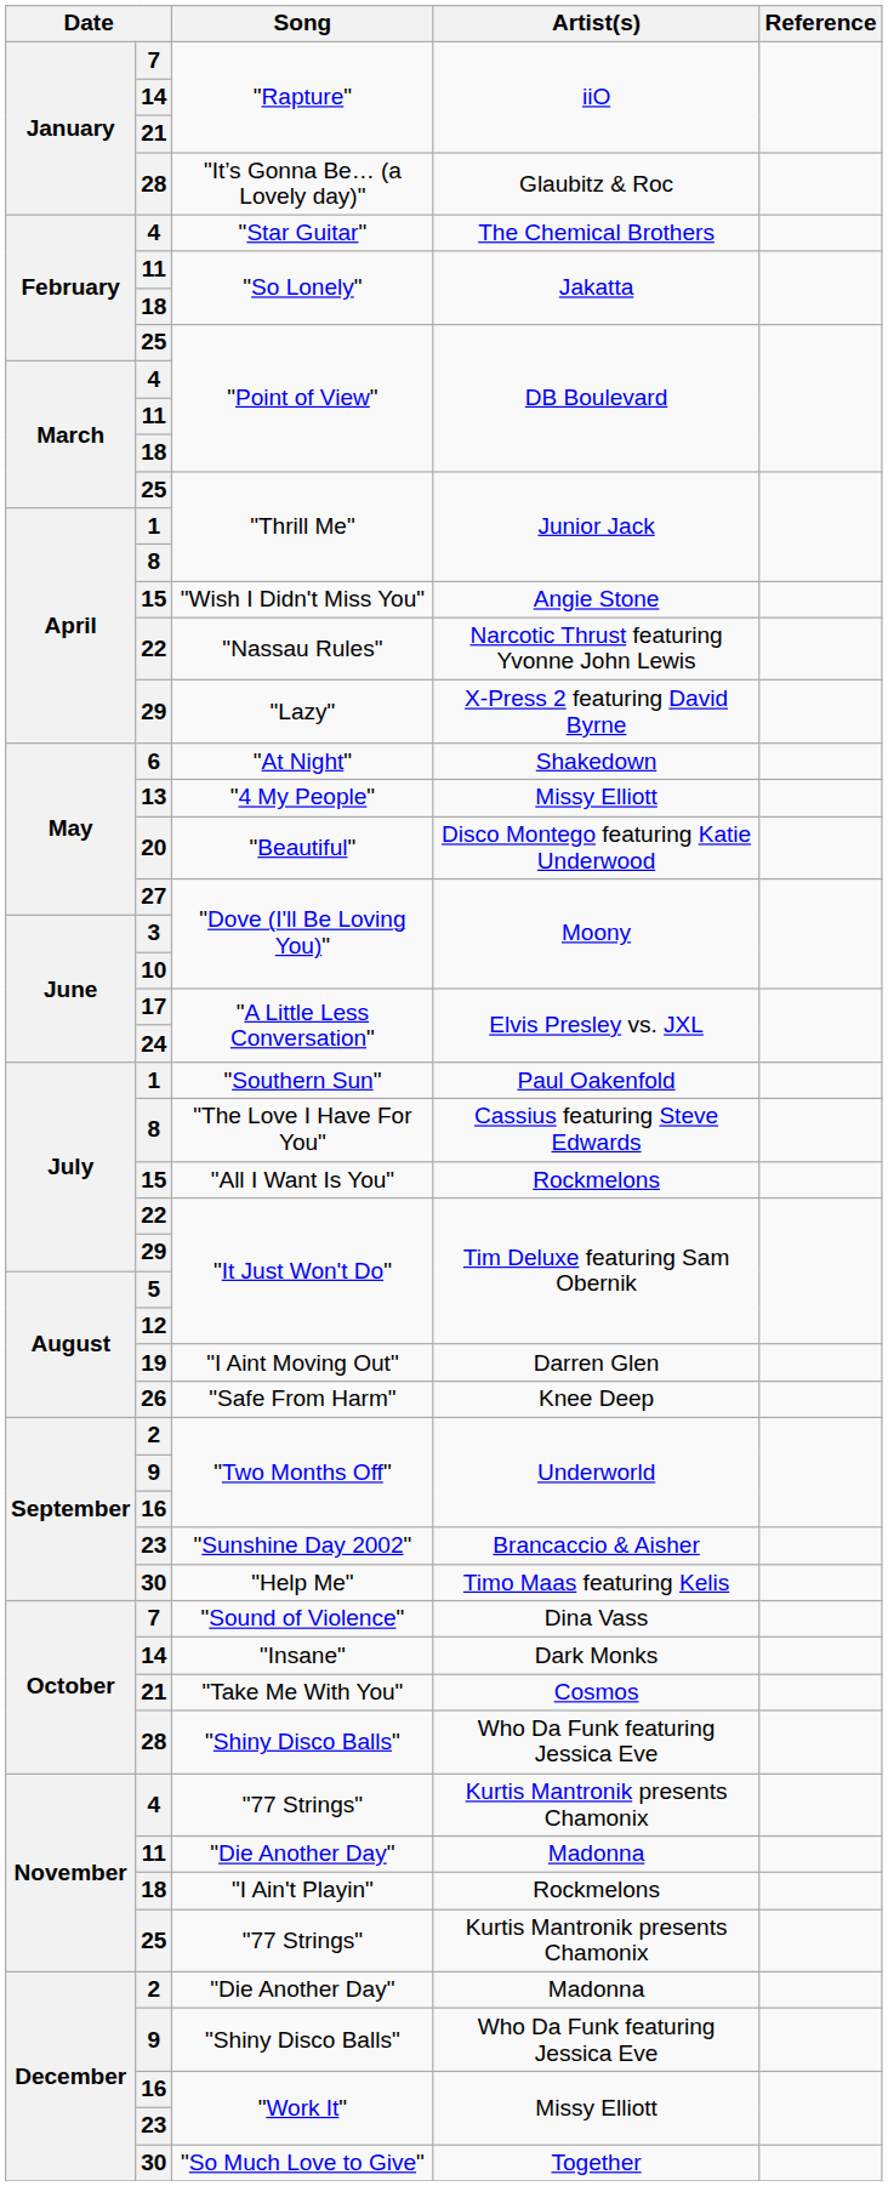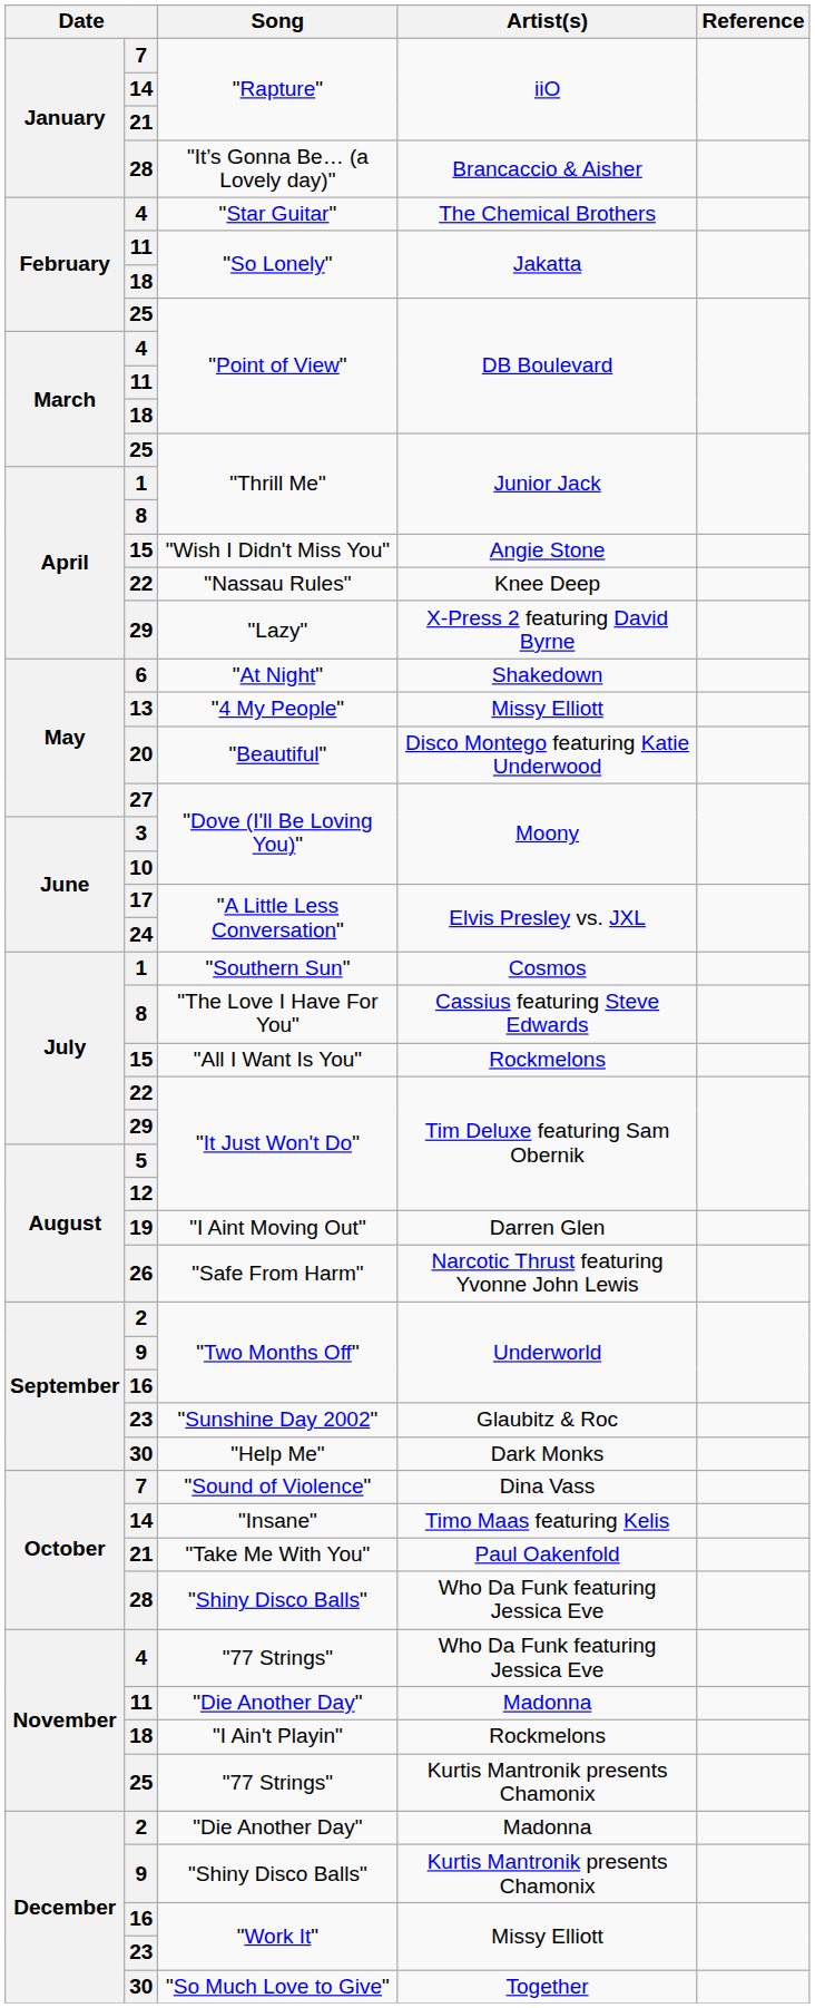 <table class="wikitable">
 <tr>
 <th colspan="2">Date</th>
 <th>Song</th>
 <th>Artist(s)</th>
 <th>Reference</th>
 </tr>
 <tr>
 <th rowspan="4">January</th>
 <th>7</th>
 <td rowspan="3" style="text-align:center;">"<a href='#'>Rapture</a>"</td>
 <td rowspan="3" style="text-align:center;"><a href='#'>iiO</a></td>
 <td rowspan="3" style="text-align:center;"></td>
 </tr>
 <tr>
 <th>14</th>
 </tr>
 <tr>
 <th>21</th>
 </tr>
 <tr>
 <th>28</th>
 <td style="text-align:center;">"It’s Gonna Be… (a Lovely day)"</td>
-<td style="text-align:center;">Glaubitz & Roc</td>
+<td style="text-align:center;"><a href='#'>Brancaccio & Aisher</a></td>
 <td style="text-align:center;"></td>
 </tr>
 <tr>
 <th rowspan="4">February</th>
 <th>4</th>
 <td style="text-align:center;">"<a href='#'>Star Guitar</a>"</td>
 <td style="text-align:center;"><a href='#'>The Chemical Brothers</a></td>
 <td style="text-align:center;"></td>
 </tr>
 <tr>
 <th>11</th>
 <td rowspan="2" style="text-align:center;">"<a href='#'>So Lonely</a>"</td>
 <td rowspan="2" style="text-align:center;"><a href='#'>Jakatta</a></td>
 <td rowspan="2" style="text-align:center;"></td>
 </tr>
 <tr>
 <th>18</th>
 </tr>
 <tr>
 <th>25</th>
 <td rowspan="4" style="text-align:center;">"<a href='#'>Point of View</a>"</td>
 <td rowspan="4" style="text-align:center;"><a href='#'>DB Boulevard</a></td>
 <td rowspan="4" style="text-align:center;"></td>
 </tr>
 <tr>
 <th rowspan="4">March</th>
 <th>4</th>
 </tr>
 <tr>
 <th>11</th>
 </tr>
 <tr>
 <th>18</th>
 </tr>
 <tr>
 <th>25</th>
 <td rowspan="3" style="text-align:center;">"Thrill Me"</td>
 <td rowspan="3" style="text-align:center;"><a href='#'>Junior Jack</a></td>
 <td rowspan="3" style="text-align:center;"></td>
 </tr>
 <tr>
 <th rowspan="5">April</th>
 <th>1</th>
 </tr>
 <tr>
 <th>8</th>
 </tr>
 <tr>
 <th>15</th>
 <td style="text-align:center;">"Wish I Didn't Miss You"</td>
 <td style="text-align:center;"><a href='#'>Angie Stone</a></td>
 <td style="text-align:center;"></td>
 </tr>
 <tr>
 <th>22</th>
 <td style="text-align:center;">"Nassau Rules"</td>
-<td style="text-align:center;"><a href='#'>Narcotic Thrust</a> featuring Yvonne John Lewis</td>
+<td style="text-align:center;">Knee Deep</td>
 <td style="text-align:center;"></td>
 </tr>
 <tr>
 <th>29</th>
 <td style="text-align:center;">"Lazy"</td>
 <td style="text-align:center;"><a href='#'>X-Press 2</a> featuring <a href='#'>David Byrne</a></td>
 <td style="text-align:center;"></td>
 </tr>
 <tr>
 <th rowspan="4">May</th>
 <th>6</th>
 <td style="text-align:center;">"<a href='#'>At Night</a>"</td>
 <td style="text-align:center;"><a href='#'>Shakedown</a></td>
 <td style="text-align:center;"></td>
 </tr>
 <tr>
 <th>13</th>
 <td style="text-align:center;">"<a href='#'>4 My People</a>"</td>
 <td style="text-align:center;"><a href='#'>Missy Elliott</a></td>
 <td style="text-align:center;"></td>
 </tr>
 <tr>
 <th>20</th>
 <td style="text-align:center;">"<a href='#'>Beautiful</a>"</td>
 <td style="text-align:center;"><a href='#'>Disco Montego</a> featuring <a href='#'>Katie Underwood</a></td>
 <td style="text-align:center;"></td>
 </tr>
 <tr>
 <th>27</th>
 <td rowspan="3" style="text-align:center;">"<a href='#'>Dove (I'll Be Loving You)</a>"</td>
 <td rowspan="3" style="text-align:center;"><a href='#'>Moony</a></td>
 <td rowspan="3" style="text-align:center;"></td>
 </tr>
 <tr>
 <th rowspan="4">June</th>
 <th>3</th>
 </tr>
 <tr>
 <th>10</th>
 </tr>
 <tr>
 <th>17</th>
 <td rowspan="2" style="text-align:center;">"<a href='#'>A Little Less Conversation</a>"</td>
 <td rowspan="2" style="text-align:center;"><a href='#'>Elvis Presley</a> vs. <a href='#'>JXL</a></td>
 <td rowspan="2" style="text-align:center;"></td>
 </tr>
 <tr>
 <th>24</th>
 </tr>
 <tr>
 <th rowspan="5">July</th>
 <th>1</th>
 <td style="text-align:center;">"<a href='#'>Southern Sun</a>"</td>
-<td style="text-align:center;"><a href='#'>Paul Oakenfold</a></td>
+<td style="text-align:center;"><a href='#'>Cosmos</a></td>
 <td style="text-align:center;"></td>
 </tr>
 <tr>
 <th>8</th>
 <td style="text-align:center;">"The Love I Have For You"</td>
 <td style="text-align:center;"><a href='#'>Cassius</a> featuring <a href='#'>Steve Edwards</a></td>
 <td style="text-align:center;"></td>
 </tr>
 <tr>
 <th>15</th>
 <td style="text-align:center;">"All I Want Is You"</td>
 <td style="text-align:center;"><a href='#'>Rockmelons</a></td>
 <td style="text-align:center;"></td>
 </tr>
 <tr>
 <th>22</th>
 <td rowspan="4" style="text-align:center;">"<a href='#'>It Just Won't Do</a>"</td>
 <td rowspan="4" style="text-align:center;"><a href='#'>Tim Deluxe</a> featuring Sam Obernik</td>
 <td rowspan="4" style="text-align:center;"></td>
 </tr>
 <tr>
 <th>29</th>
 </tr>
 <tr>
 <th rowspan="4">August</th>
 <th>5</th>
 </tr>
 <tr>
 <th>12</th>
 </tr>
 <tr>
 <th>19</th>
 <td style="text-align:center;">"I Aint Moving Out"</td>
 <td style="text-align:center;">Darren Glen</td>
 <td style="text-align:center;"></td>
 </tr>
 <tr>
 <th>26</th>
 <td style="text-align:center;">"Safe From Harm"</td>
-<td style="text-align:center;">Knee Deep</td>
+<td style="text-align:center;"><a href='#'>Narcotic Thrust</a> featuring Yvonne John Lewis</td>
 <td style="text-align:center;"></td>
 </tr>
 <tr>
 <th rowspan="5">September</th>
 <th>2</th>
 <td rowspan="3" style="text-align:center;">"<a href='#'>Two Months Off</a>"</td>
 <td rowspan="3" style="text-align:center;"><a href='#'>Underworld</a></td>
 <td rowspan="3" style="text-align:center;"></td>
 </tr>
 <tr>
 <th>9</th>
 </tr>
 <tr>
 <th>16</th>
 </tr>
 <tr>
 <th>23</th>
 <td style="text-align:center;">"<a href='#'>Sunshine Day 2002</a>"</td>
-<td style="text-align:center;"><a href='#'>Brancaccio & Aisher</a></td>
+<td style="text-align:center;">Glaubitz & Roc</td>
 <td style="text-align:center;"></td>
 </tr>
 <tr>
 <th>30</th>
 <td style="text-align:center;">"Help Me"</td>
-<td style="text-align:center;"><a href='#'>Timo Maas</a> featuring <a href='#'>Kelis</a></td>
+<td style="text-align:center;">Dark Monks</td>
 <td style="text-align:center;"></td>
 </tr>
 <tr>
 <th rowspan="4">October</th>
 <th>7</th>
 <td style="text-align:center;">"<a href='#'>Sound of Violence</a>"</td>
 <td style="text-align:center;">Dina Vass</td>
 <td style="text-align:center;"></td>
 </tr>
 <tr>
 <th>14</th>
 <td style="text-align:center;">"Insane"</td>
-<td style="text-align:center;">Dark Monks</td>
+<td style="text-align:center;"><a href='#'>Timo Maas</a> featuring <a href='#'>Kelis</a></td>
 <td style="text-align:center;"></td>
 </tr>
 <tr>
 <th>21</th>
 <td style="text-align:center;">"Take Me With You"</td>
-<td style="text-align:center;"><a href='#'>Cosmos</a></td>
+<td style="text-align:center;"><a href='#'>Paul Oakenfold</a></td>
 <td style="text-align:center;"></td>
 </tr>
 <tr>
 <th>28</th>
 <td style="text-align:center;">"<a href='#'>Shiny Disco Balls</a>"</td>
 <td style="text-align:center;">Who Da Funk featuring Jessica Eve</td>
 <td style="text-align:center;"></td>
 </tr>
 <tr>
 <th rowspan="4">November</th>
 <th>4</th>
 <td style="text-align:center;">"77 Strings"</td>
-<td style="text-align:center;"><a href='#'>Kurtis Mantronik</a> presents Chamonix</td>
+<td style="text-align:center;">Who Da Funk featuring Jessica Eve</td>
 <td style="text-align:center;"></td>
 </tr>
 <tr>
 <th>11</th>
 <td style="text-align:center;">"<a href='#'>Die Another Day</a>"</td>
 <td style="text-align:center;"><a href='#'>Madonna</a></td>
 <td style="text-align:center;"></td>
 </tr>
 <tr>
 <th>18</th>
 <td style="text-align:center;">"I Ain't Playin"</td>
 <td style="text-align:center;">Rockmelons</td>
 <td style="text-align:center;"></td>
 </tr>
 <tr>
 <th>25</th>
 <td style="text-align:center;">"77 Strings"</td>
 <td style="text-align:center;">Kurtis Mantronik presents Chamonix</td>
 <td style="text-align:center;"></td>
 </tr>
 <tr>
 <th rowspan="5">December</th>
 <th>2</th>
 <td style="text-align:center;">"Die Another Day"</td>
 <td style="text-align:center;">Madonna</td>
 <td style="text-align:center;"></td>
 </tr>
 <tr>
 <th>9</th>
 <td style="text-align:center;">"Shiny Disco Balls"</td>
-<td style="text-align:center;">Who Da Funk featuring Jessica Eve</td>
+<td style="text-align:center;"><a href='#'>Kurtis Mantronik</a> presents Chamonix</td>
 <td style="text-align:center;"></td>
 </tr>
 <tr>
 <th>16</th>
 <td rowspan="2" style="text-align:center;">"<a href='#'>Work It</a>"</td>
 <td rowspan="2" style="text-align:center;">Missy Elliott</td>
 <td rowspan="2" style="text-align:center;"></td>
 </tr>
 <tr>
 <th>23</th>
 </tr>
 <tr>
 <th>30</th>
 <td style="text-align:center;">"<a href='#'>So Much Love to Give</a>"</td>
 <td style="text-align:center;"><a href='#'>Together</a></td>
 <td style="text-align:center;"></td>
 </tr>
 </table>
